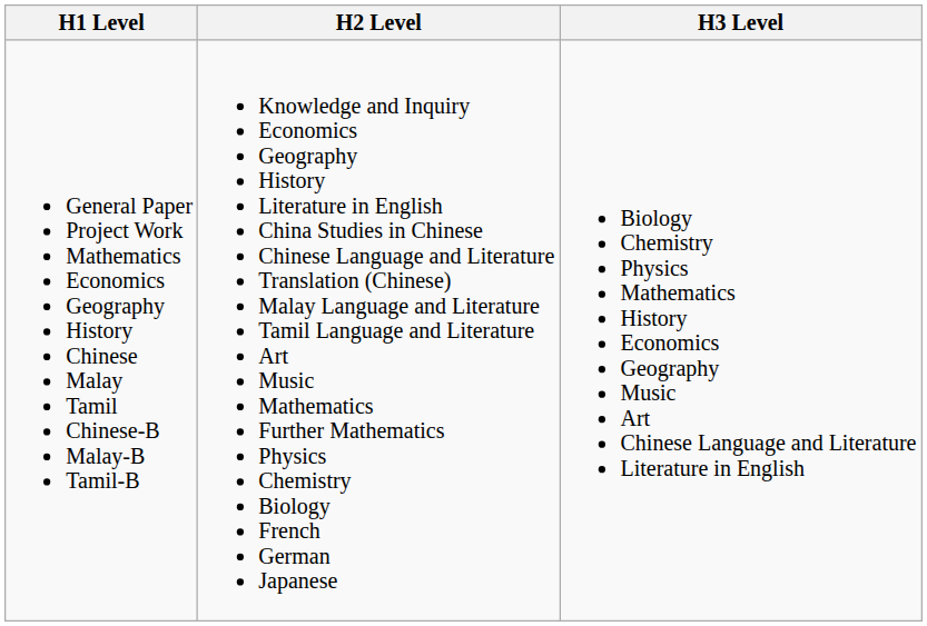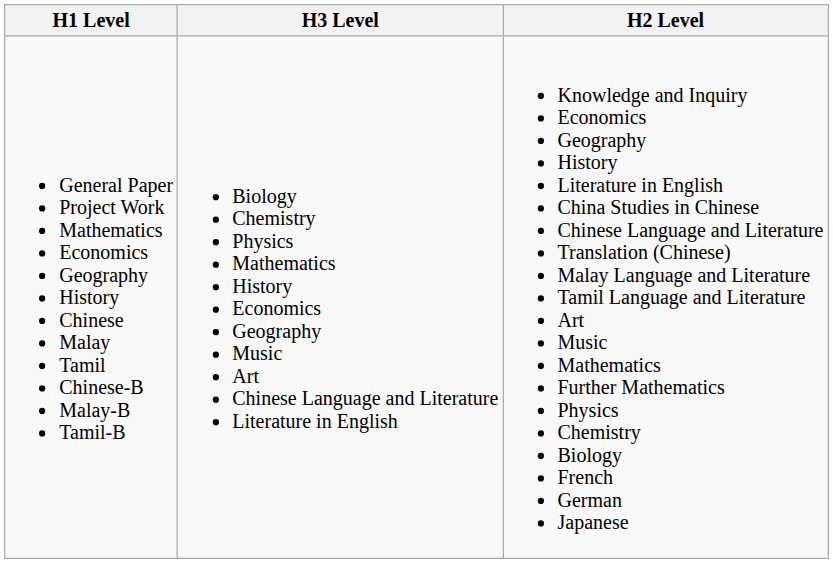 <table class="wikitable">
 <tr>
 <th>H1 Level</th>
+<th>H3 Level</th>
 <th>H2 Level</th>
-<th>H3 Level</th>
 </tr>
 <tr>
 <td><br><ul><li>General Paper</li><li>Project Work</li><li>Mathematics</li><li>Economics</li><li>Geography</li><li>History</li><li>Chinese</li><li>Malay</li><li>Tamil</li><li>Chinese-B</li><li>Malay-B</li><li>Tamil-B</li></ul></td>
+<td><br><ul><li>Biology</li><li>Chemistry</li><li>Physics</li><li>Mathematics</li><li>History</li><li>Economics</li><li>Geography</li><li>Music</li><li>Art</li><li>Chinese Language and Literature</li><li>Literature in English</li></ul></td>
 <td><br><ul><li>Knowledge and Inquiry</li><li>Economics</li><li>Geography</li><li>History</li><li>Literature in English</li><li>China Studies in Chinese</li><li>Chinese Language and Literature</li><li>Translation (Chinese)</li><li>Malay Language and Literature</li><li>Tamil Language and Literature</li><li>Art</li><li>Music</li><li>Mathematics</li><li>Further Mathematics</li><li>Physics</li><li>Chemistry</li><li>Biology</li><li>French</li><li>German</li><li>Japanese</li></ul></td>
-<td><br><ul><li>Biology</li><li>Chemistry</li><li>Physics</li><li>Mathematics</li><li>History</li><li>Economics</li><li>Geography</li><li>Music</li><li>Art</li><li>Chinese Language and Literature</li><li>Literature in English</li></ul></td>
 </tr>
 </table>
